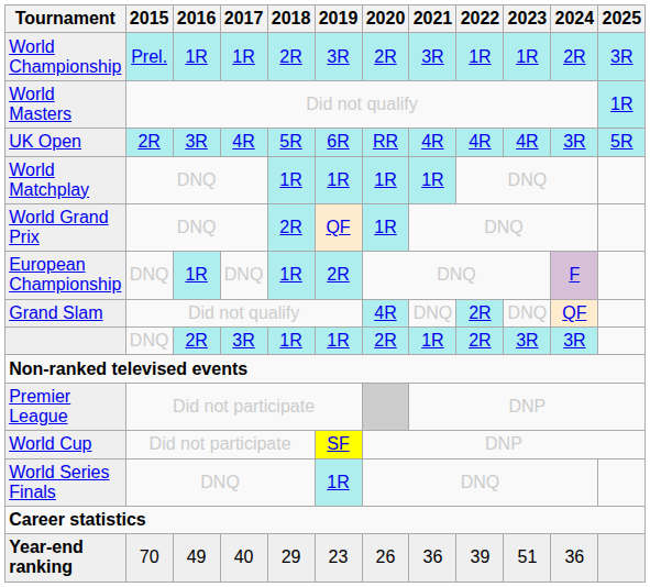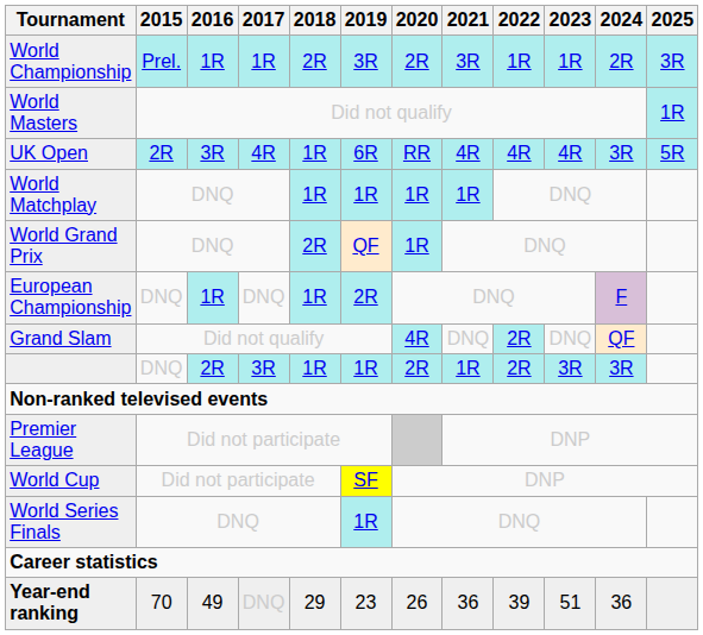 <table class="wikitable" style="width:30%; margin:0">
 <tr>
 <th>Tournament</th>
 <th>2015</th>
 <th>2016</th>
 <th>2017</th>
 <th>2018</th>
 <th>2019</th>
 <th>2020</th>
 <th>2021</th>
 <th>2022</th>
 <th>2023</th>
 <th>2024</th>
 <th>2025</th>
 </tr>
 <tr>
 <td style="background:#efefef;"><a href='#'>World Championship</a></td>
 <td style="text-align:center; background:#afeeee;"><a href='#'>Prel.</a></td>
 <td style="text-align:center; background:#afeeee;"><a href='#'>1R</a></td>
 <td style="text-align:center; background:#afeeee;"><a href='#'>1R</a></td>
 <td style="text-align:center; background:#afeeee;"><a href='#'>2R</a></td>
 <td style="text-align:center; background:#afeeee;"><a href='#'>3R</a></td>
 <td style="text-align:center; background:#afeeee;"><a href='#'>2R</a></td>
 <td style="text-align:center; background:#afeeee;"><a href='#'>3R</a></td>
 <td style="text-align:center; background:#afeeee;"><a href='#'>1R</a></td>
 <td style="text-align:center; background:#afeeee;"><a href='#'>1R</a></td>
 <td style="text-align:center; background:#afeeee;"><a href='#'>2R</a></td>
 <td style="text-align:center; background:#afeeee;"><a href='#'>3R</a></td>
 </tr>
 <tr>
 <td style="background:#efefef;"><a href='#'>World Masters</a></td>
 <td colspan="10" style="text-align:center; color:#ccc;">Did not qualify</td>
 <td style="text-align:center; background:#afeeee;"><a href='#'>1R</a></td>
 </tr>
 <tr>
 <td style="background:#efefef;"><a href='#'>UK Open</a></td>
 <td style="text-align:center; background:#afeeee;"><a href='#'>2R</a></td>
 <td style="text-align:center; background:#afeeee;"><a href='#'>3R</a></td>
 <td style="text-align:center; background:#afeeee;"><a href='#'>4R</a></td>
-<td style="text-align:center; background:#afeeee;"><a href='#'>5R</a></td>
+<td style="text-align:center; background:#afeeee;"><a href='#'>1R</a></td>
 <td style="text-align:center; background:#afeeee;"><a href='#'>6R</a></td>
 <td style="text-align:center; background:#afeeee;"><a href='#'>RR</a></td>
 <td style="text-align:center; background:#afeeee;"><a href='#'>4R</a></td>
 <td style="text-align:center; background:#afeeee;"><a href='#'>4R</a></td>
 <td style="text-align:center; background:#afeeee;"><a href='#'>4R</a></td>
 <td style="text-align:center; background:#afeeee;"><a href='#'>3R</a></td>
 <td style="text-align:center; background:#afeeee;"><a href='#'>5R</a></td>
 </tr>
 <tr>
 <td style="background:#efefef;"><a href='#'>World Matchplay</a></td>
 <td colspan="3" style="text-align:center; color:#ccc;">DNQ</td>
 <td style="text-align:center; background:#afeeee;"><a href='#'>1R</a></td>
 <td style="text-align:center; background:#afeeee;"><a href='#'>1R</a></td>
 <td style="text-align:center; background:#afeeee;"><a href='#'>1R</a></td>
 <td style="text-align:center; background:#afeeee;"><a href='#'>1R</a></td>
 <td colspan="3" style="text-align:center; color:#ccc;">DNQ</td>
 <td></td>
 </tr>
 <tr>
 <td style="background:#efefef;"><a href='#'>World Grand Prix</a></td>
 <td colspan="3" style="text-align:center; color:#ccc;">DNQ</td>
 <td style="text-align:center; background:#afeeee;"><a href='#'>2R</a></td>
 <td style="text-align:center; background:#ffebcd;"><a href='#'>QF</a></td>
 <td style="text-align:center; background:#afeeee;"><a href='#'>1R</a></td>
 <td colspan="4" style="text-align:center; color:#ccc;">DNQ</td>
 <td></td>
 </tr>
 <tr>
 <td style="background:#efefef;"><a href='#'>European Championship</a></td>
 <td style="text-align:center; color:#ccc;">DNQ</td>
 <td style="text-align:center; background:#afeeee;"><a href='#'>1R</a></td>
 <td style="text-align:center; color:#ccc;">DNQ</td>
 <td style="text-align:center; background:#afeeee;"><a href='#'>1R</a></td>
 <td style="text-align:center; background:#afeeee;"><a href='#'>2R</a></td>
 <td colspan="4" style="text-align:center; color:#ccc;">DNQ</td>
 <td style="text-align:center; background:#D8BFD8;"><a href='#'>F</a></td>
 <td></td>
 </tr>
 <tr>
 <td style="background:#efefef;"><a href='#'>Grand Slam</a></td>
 <td colspan="5" style="text-align:center; color:#ccc;">Did not qualify</td>
 <td style="text-align:center; background:#afeeee;"><a href='#'>4R</a></td>
 <td style="text-align:center; color:#ccc;">DNQ</td>
 <td style="text-align:center; background:#afeeee;"><a href='#'>2R</a></td>
 <td style="text-align:center; color:#ccc;">DNQ</td>
 <td style="text-align:center; background:#ffebcd;"><a href='#'>QF</a></td>
 <td></td>
 </tr>
 <tr>
 <td style="background:#efefef;"></td>
 <td style="text-align:center; color:#ccc;">DNQ</td>
 <td style="text-align:center; background:#afeeee;"><a href='#'>2R</a></td>
 <td style="text-align:center; background:#afeeee;"><a href='#'>3R</a></td>
 <td style="text-align:center; background:#afeeee;"><a href='#'>1R</a></td>
 <td style="text-align:center; background:#afeeee;"><a href='#'>1R</a></td>
 <td style="text-align:center; background:#afeeee;"><a href='#'>2R</a></td>
 <td style="text-align:center; background:#afeeee;"><a href='#'>1R</a></td>
 <td style="text-align:center; background:#afeeee;"><a href='#'>2R</a></td>
 <td style="text-align:center; background:#afeeee;"><a href='#'>3R</a></td>
 <td style="text-align:center; background:#afeeee;"><a href='#'>3R</a></td>
 <td></td>
 </tr>
 <tr>
 <td colspan="15" align="left"><strong>Non-ranked televised events</strong></td>
 </tr>
 <tr>
 <td style="background:#efefef;"><a href='#'>Premier League</a></td>
 <td colspan="5" style="text-align:center; color:#ccc;">Did not participate</td>
 <td style="text-align:center; background:#ccc;"><a href='#'></a></td>
 <td colspan="5" style="text-align:center; color:#ccc;">DNP</td>
 </tr>
 <tr>
 <td style="background:#efefef;"><a href='#'>World Cup</a></td>
 <td colspan="4" style="text-align:center; color:#ccc;">Did not participate</td>
 <td style="text-align:center; background:yellow;"><a href='#'>SF</a></td>
 <td colspan="6" style="text-align:center; color:#ccc;">DNP</td>
 </tr>
 <tr>
 <td style="background:#efefef;"><a href='#'>World Series Finals</a></td>
 <td colspan="4" style="text-align:center; color:#ccc;">DNQ</td>
 <td style="text-align:center; background:#afeeee;"><a href='#'>1R</a></td>
 <td colspan="5" style="text-align:center; color:#ccc;">DNQ</td>
 <td></td>
 </tr>
 <tr>
 <td colspan="15" align="left"><strong>Career statistics</strong></td>
 </tr>
 <tr>
 </tr>
 <tr bgcolor="efefef">
 <td align="left"><strong>Year-end ranking</strong></td>
 <td style="text-align:center;">70</td>
 <td style="text-align:center;">49</td>
-<td style="text-align:center;">40</td>
+<td style="text-align:center; color:#ccc;">DNQ</td>
 <td style="text-align:center;">29</td>
 <td style="text-align:center;">23</td>
 <td style="text-align:center;">26</td>
 <td style="text-align:center;">36</td>
 <td style="text-align:center;">39</td>
 <td style="text-align:center;">51</td>
 <td style="text-align:center;">36</td>
 <td></td>
 </tr>
 </table>
